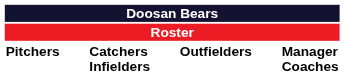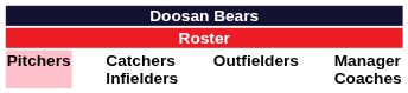 <table class="toccolours" style="font-size:95%;">
 <tr>
 <th colspan="10" style="background:#131230; color:#FFFFFF; text-align:center;">Doosan Bears</th>
 </tr>
 <tr>
 <th colspan="10" style="background:#ED1C24; color:#FFFFFF; text-align:center;">Roster</th>
 </tr>
 <tr>
-<td valign="top"><strong>Pitchers</strong><br>           </td>
+<td valign="top" style="background: pink;"><strong>Pitchers</strong><br>           </td>
 <td style="width:25px;"></td>
 <td valign="top"><strong>Catchers</strong><br>  <strong>Infielders</strong>         </td>
 <td style="width:25px;"></td>
 <td valign="top"><strong>Outfielders</strong><br>    </td>
 <td style="width:25px;"></td>
 <td valign="top"><strong>Manager</strong><br> <strong>Coaches</strong>        </td>
 </tr>
 </table>
